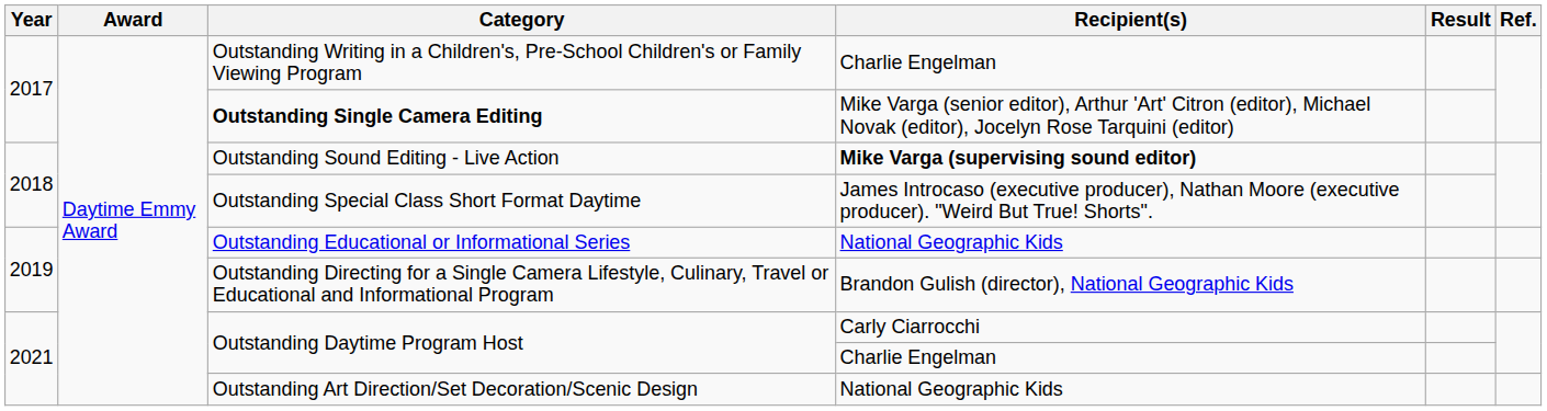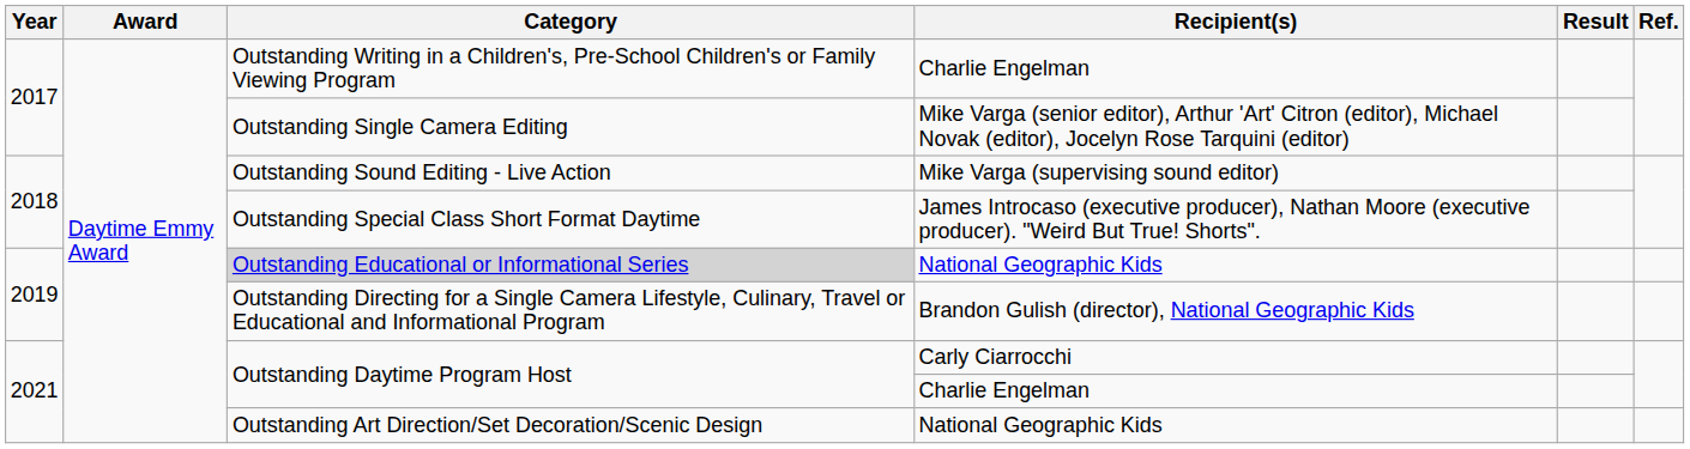 <table class="wikitable" style="width:99%;">
 <tr>
 <th>Year</th>
 <th>Award</th>
 <th>Category</th>
 <th>Recipient(s)</th>
 <th>Result</th>
 <th>Ref.</th>
 </tr>
 <tr>
 <td rowspan="2">2017</td>
 <td rowspan="9"><a href='#'>Daytime Emmy Award</a></td>
 <td>Outstanding Writing in a Children's, Pre-School Children's or Family Viewing Program</td>
 <td>Charlie Engelman</td>
 <td></td>
 <td rowspan="2" style="text-align:center;"></td>
 </tr>
 <tr>
-<td><strong>Outstanding Single Camera Editing</strong></td>
+<td>Outstanding Single Camera Editing</td>
 <td>Mike Varga (senior editor), Arthur 'Art' Citron (editor), Michael Novak (editor), Jocelyn Rose Tarquini (editor)</td>
 <td></td>
 </tr>
 <tr>
 <td rowspan="2">2018</td>
 <td>Outstanding Sound Editing - Live Action</td>
-<td><strong>Mike Varga (supervising sound editor)</strong></td>
+<td>Mike Varga (supervising sound editor)</td>
 <td></td>
 <td rowspan="2" style="text-align:center;"></td>
 </tr>
 <tr>
 <td>Outstanding Special Class Short Format Daytime</td>
 <td>James Introcaso (executive producer), Nathan Moore (executive producer). "Weird But True! Shorts".</td>
 <td></td>
 </tr>
 <tr>
 <td rowspan="2">2019</td>
-<td><a href='#'>Outstanding Educational or Informational Series</a></td>
+<td style="background: lightgrey;"><a href='#'>Outstanding Educational or Informational Series</a></td>
 <td><a href='#'>National Geographic Kids</a></td>
 <td></td>
 <td style="text-align:center;"></td>
 </tr>
 <tr>
 <td>Outstanding Directing for a Single Camera Lifestyle, Culinary, Travel or Educational and Informational Program</td>
 <td>Brandon Gulish (director), <a href='#'>National Geographic Kids</a></td>
 <td></td>
 <td style="text-align:center;"></td>
 </tr>
 <tr>
 <td rowspan="3">2021</td>
 <td rowspan="2">Outstanding Daytime Program Host</td>
 <td>Carly Ciarrocchi</td>
 <td></td>
 <td rowspan="2" style="text-align:center;"></td>
 </tr>
 <tr>
 <td>Charlie Engelman</td>
 <td></td>
 </tr>
 <tr>
 <td>Outstanding Art Direction/Set Decoration/Scenic Design</td>
 <td>National Geographic Kids</td>
 <td></td>
 <td style="text-align:center;"></td>
 </tr>
 </table>
